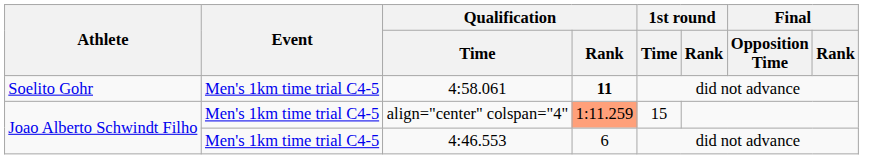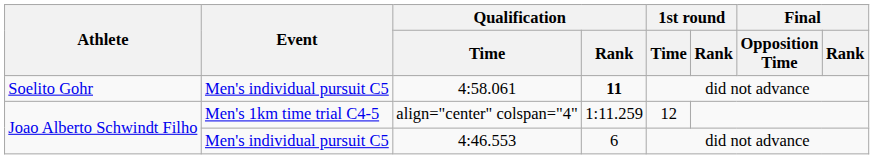 <table class=wikitable>
 <tr>
 <th rowspan="2">Athlete</th>
 <th rowspan="2">Event</th>
 <th colspan="2">Qualification</th>
 <th colspan="2">1st round</th>
 <th colspan="2">Final</th>
 </tr>
 <tr>
 <th>Time</th>
 <th>Rank</th>
 <th>Time</th>
 <th>Rank</th>
 <th>Opposition<br>Time</th>
 <th>Rank</th>
 </tr>
 <tr>
 <td><a href='#'>Soelito Gohr</a></td>
-<td><a href='#'>Men's 1km time trial C4-5</a></td>
+<td><a href='#'>Men's individual pursuit C5</a></td>
 <td align="center">4:58.061</td>
 <td align="center"><strong>11</strong></td>
 <td align="center" colspan="4">did not advance</td>
 </tr>
 <tr>
 <td rowspan="2"><a href='#'>Joao Alberto Schwindt Filho</a></td>
 <td><a href='#'>Men's 1km time trial C4-5</a></td>
 <td>align="center" colspan="4" </td>
-<td align="center" style="background: lightsalmon;">1:11.259</td>
-<td align="center">15</td>
+<td align="center">1:11.259</td>
+<td align="center">12</td>
 </tr>
 <tr>
-<td><a href='#'>Men's 1km time trial C4-5</a></td>
+<td><a href='#'>Men's individual pursuit C5</a></td>
 <td align="center">4:46.553</td>
 <td align="center">6</td>
 <td align="center" colspan="4">did not advance</td>
 </tr>
 </table>
